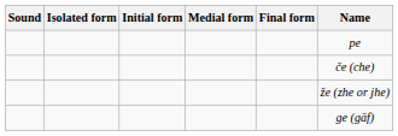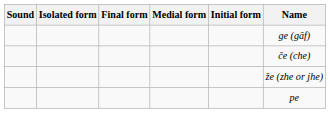 <table class="wikitable" style="line-height:1.6;text-align:center">
 <tr>
 <th>Sound</th>
 <th>Isolated form</th>
+<th>Final form</th>
+<th>Medial form</th>
 <th>Initial form</th>
-<th>Medial form</th>
-<th>Final form</th>
 <th>Name</th>
 </tr>
 <tr>
 <td style="font-size: 1.25em;"></td>
 <td style="font-size: 2em;"></td>
 <td style="font-size: 2em;"></td>
 <td style="font-size: 2em;"></td>
 <td style="font-size: 2em;"></td>
-<td><em>pe</em></td>
+<td><em>ge (gāf)</em></td>
 </tr>
 <tr>
 <td style="font-size: 1.25em;"></td>
 <td style="font-size: 2em;"></td>
 <td style="font-size: 2em;"></td>
 <td style="font-size: 2em;"></td>
 <td style="font-size: 2em;"></td>
 <td><em>če (che)</em></td>
 </tr>
 <tr>
 <td style="font-size: 1.25em;"></td>
 <td style="font-size: 2em;"></td>
+<td style="font-size: 2em;"></td>
 <td style="font-size: 2em; color: #aaa;"></td>
 <td style="font-size: 2em; color: #aaa;"></td>
-<td style="font-size: 2em;"></td>
 <td><em>že (zhe or jhe)</em></td>
 </tr>
 <tr>
 <td style="font-size: 1.25em;"></td>
 <td style="font-size: 2em;"></td>
 <td style="font-size: 2em;"></td>
 <td style="font-size: 2em;"></td>
 <td style="font-size: 2em;"></td>
-<td><em>ge (gāf)</em></td>
+<td><em>pe</em></td>
 </tr>
 </table>
